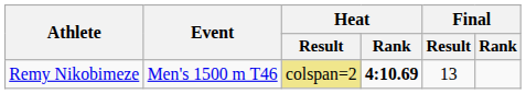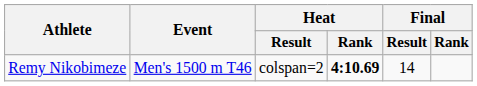 <table class="wikitable" style="font-size:90%">
 <tr>
 <th rowspan="2">Athlete</th>
 <th rowspan="2">Event</th>
 <th colspan="2">Heat</th>
 <th colspan="2">Final</th>
 </tr>
 <tr style="font-size:95%">
 <th>Result</th>
 <th>Rank</th>
 <th>Result</th>
 <th>Rank</th>
 </tr>
 <tr align=center>
 <td align=left><a href='#'>Remy Nikobimeze</a></td>
 <td align=left><a href='#'>Men's 1500 m T46</a></td>
-<td style="background: khaki;">colspan=2 </td>
+<td>colspan=2 </td>
 <td><strong>4:10.69</strong></td>
-<td>13</td>
+<td>14</td>
 </tr>
 </table>
